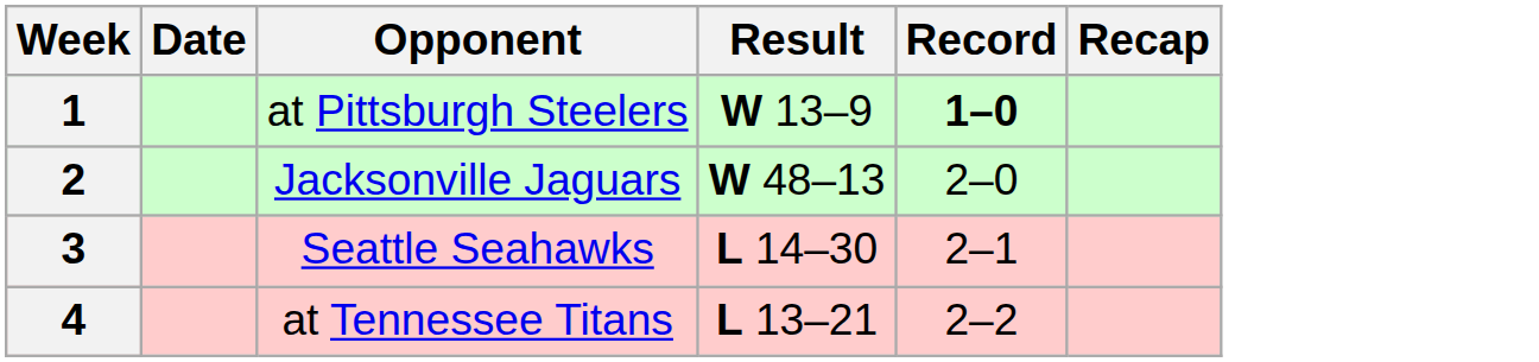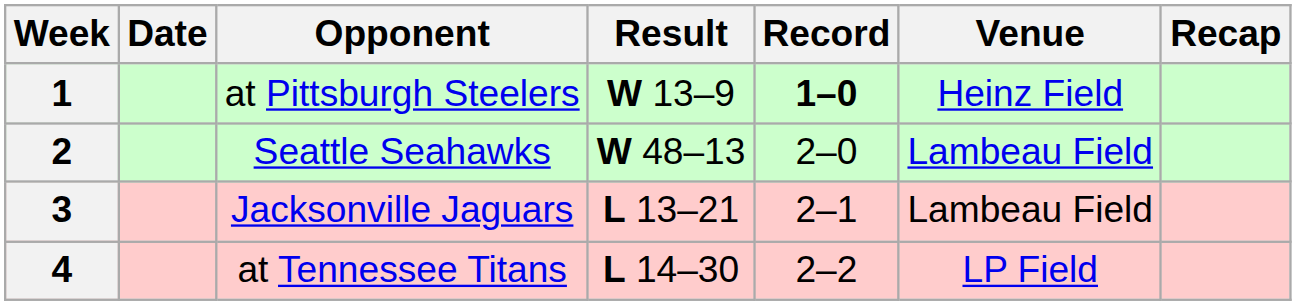 <table class="wikitable" style="text-align:center">
 <tr>
 <th>Week</th>
 <th>Date</th>
 <th>Opponent</th>
 <th>Result</th>
 <th>Record</th>
+<th>Venue</th>
 <th>Recap</th>
 </tr>
 <tr style="background:#cfc;">
 <th>1</th>
 <td></td>
 <td>at <a href='#'>Pittsburgh Steelers</a></td>
 <td><strong>W</strong> 13–9</td>
 <td><strong>1–0</strong></td>
+<td><a href='#'>Heinz Field</a></td>
 <td></td>
 </tr>
 <tr style="background:#cfc;">
 <th>2</th>
 <td></td>
-<td><a href='#'>Jacksonville Jaguars</a></td>
+<td><a href='#'>Seattle Seahawks</a></td>
 <td><strong>W</strong> 48–13</td>
 <td>2–0</td>
+<td><a href='#'>Lambeau Field</a></td>
 <td></td>
 </tr>
 <tr style="background:#fcc;">
 <th>3</th>
 <td></td>
-<td><a href='#'>Seattle Seahawks</a></td>
-<td><strong>L</strong> 14–30</td>
+<td><a href='#'>Jacksonville Jaguars</a></td>
+<td><strong>L</strong> 13–21</td>
 <td>2–1</td>
+<td>Lambeau Field</td>
 <td></td>
 </tr>
 <tr style="background:#fcc;">
 <th>4</th>
 <td></td>
 <td>at <a href='#'>Tennessee Titans</a></td>
-<td><strong>L</strong> 13–21</td>
+<td><strong>L</strong> 14–30</td>
 <td>2–2</td>
+<td><a href='#'>LP Field</a></td>
 <td></td>
 </tr>
 </table>
